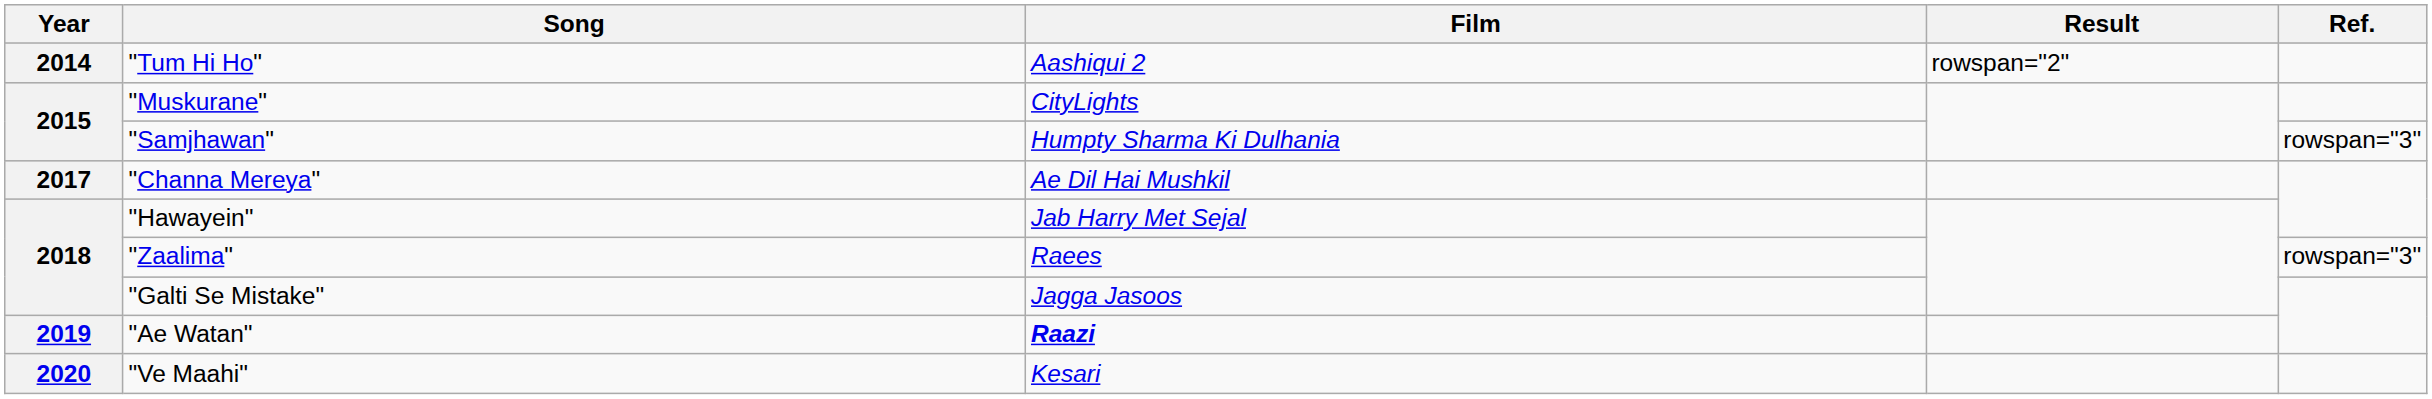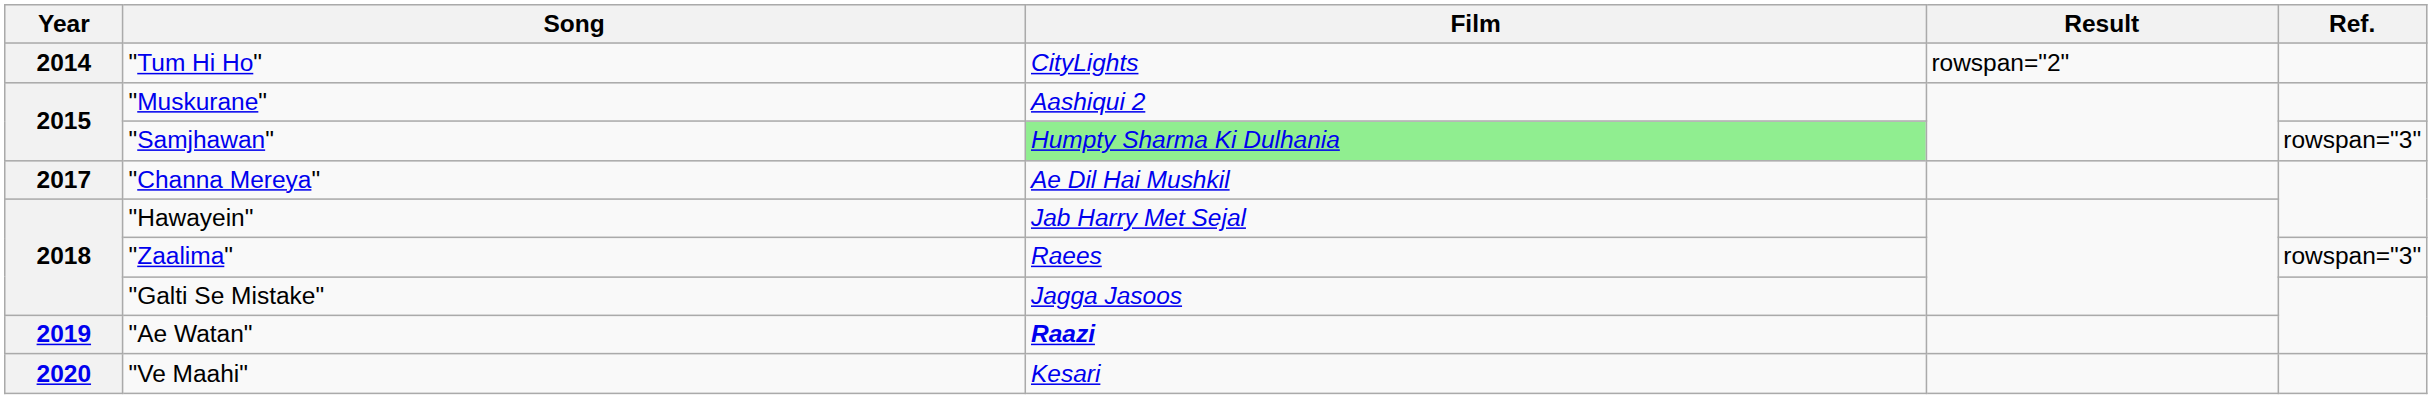 <table class="wikitable plainrowheaders" width="100%" "textcolor:#000;">
 <tr>
 <th scope="col" width=5%><strong>Year</strong></th>
 <th scope="col" width=39%><strong>Song</strong></th>
 <th scope="col" width=39%><strong>Film</strong></th>
 <th scope="col" width=15%><strong>Result</strong></th>
 <th scope="col" width=2%><strong>Ref.</strong></th>
 </tr>
 <tr>
 <th scope="row">2014</th>
 <td>"<a href='#'>Tum Hi Ho</a>"</td>
-<td><em><a href='#'>Aashiqui 2</a></em></td>
+<td><em><a href='#'>CityLights</a></em></td>
 <td>rowspan="2" </td>
 <td></td>
 </tr>
 <tr>
 <th scope="row" rowspan="2">2015</th>
 <td>"<a href='#'>Muskurane</a>"</td>
-<td><em><a href='#'>CityLights</a></em></td>
+<td><em><a href='#'>Aashiqui 2</a></em></td>
 <td rowspan="2"></td>
 </tr>
 <tr>
 <td>"<a href='#'>Samjhawan</a>"</td>
-<td><em><a href='#'>Humpty Sharma Ki Dulhania</a></em></td>
+<td style="background: lightgreen;"><em><a href='#'>Humpty Sharma Ki Dulhania</a></em></td>
 <td>rowspan="3" </td>
 </tr>
 <tr>
 <th scope="row">2017</th>
 <td>"<a href='#'>Channa Mereya</a>"</td>
 <td><em><a href='#'>Ae Dil Hai Mushkil</a></em></td>
 <td></td>
 </tr>
 <tr>
 <th scope="row" rowspan="3">2018</th>
 <td>"Hawayein"</td>
 <td><em><a href='#'>Jab Harry Met Sejal</a></em></td>
 <td rowspan="3"></td>
 </tr>
 <tr>
 <td>"<a href='#'>Zaalima</a>"</td>
 <td><em><a href='#'>Raees</a></em></td>
 <td>rowspan="3" </td>
 </tr>
 <tr>
 <td>"Galti Se Mistake"</td>
 <td><em><a href='#'>Jagga Jasoos</a></em></td>
 </tr>
 <tr>
 <th scope="row"><a href='#'>2019</a></th>
 <td>"Ae Watan"</td>
 <td><strong><em><a href='#'>Raazi</a></em></strong></td>
 <td></td>
 </tr>
 <tr>
 <th scope="row"><a href='#'>2020</a></th>
 <td>"Ve Maahi"</td>
 <td><em><a href='#'>Kesari</a></em></td>
 <td></td>
 <td></td>
 </tr>
 </table>
